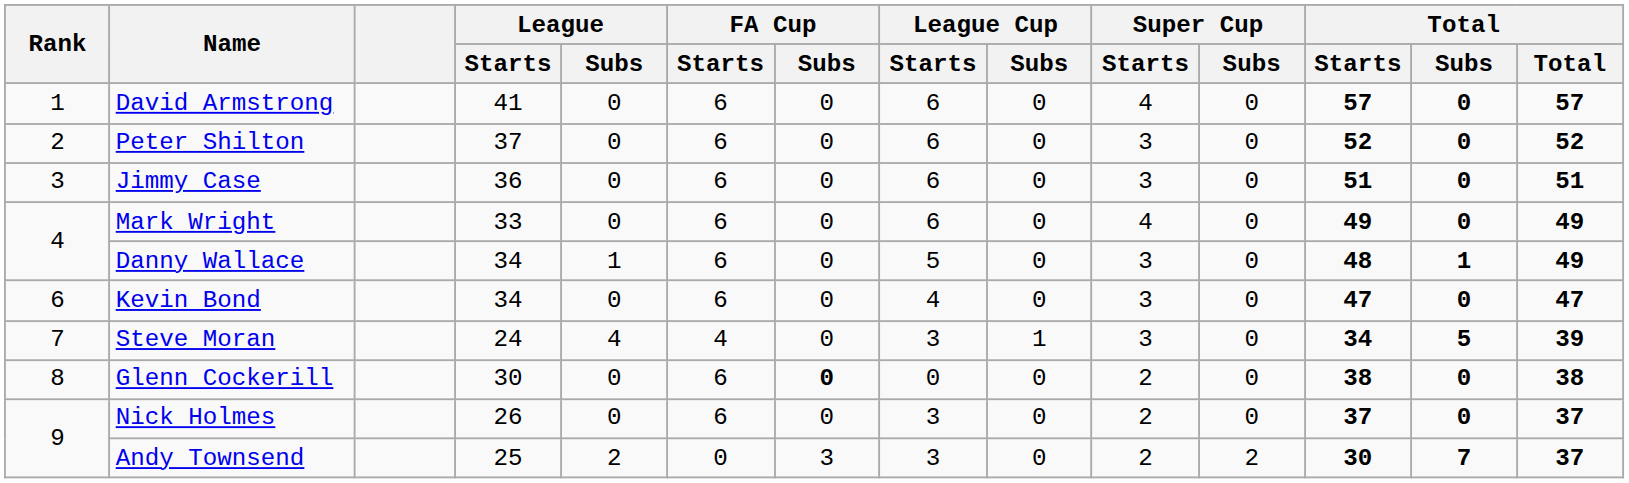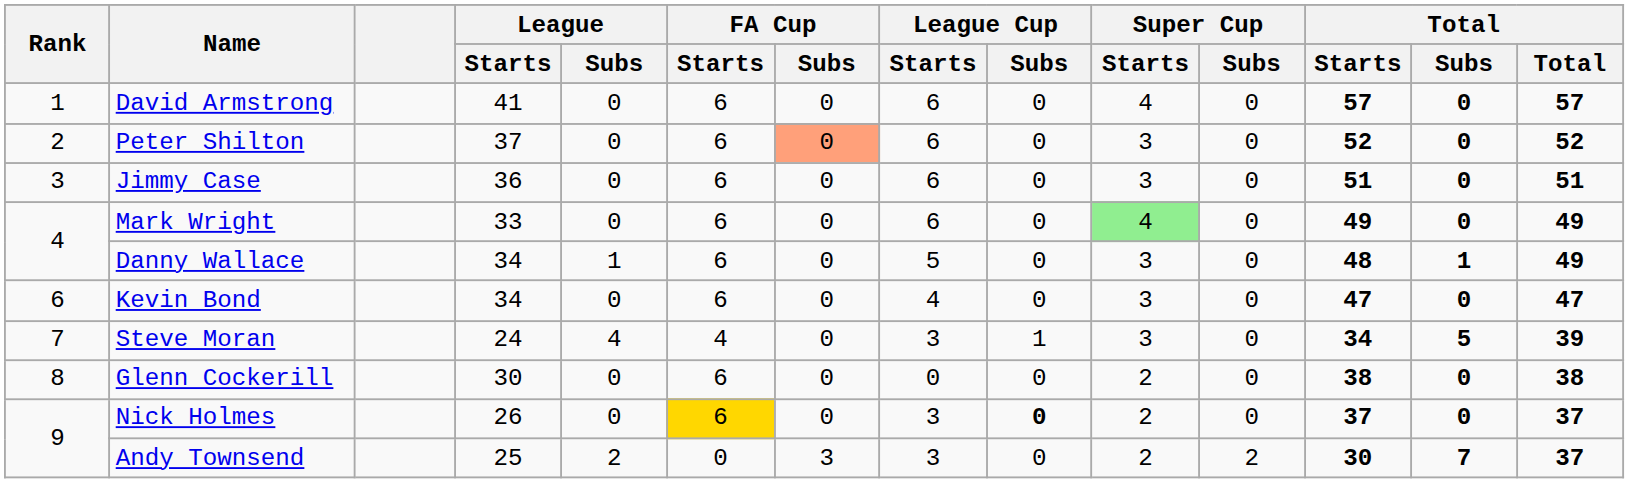 <table class="wikitable plainrowheaders" style="text-align:center;">
 <tr>
 <th scope="col" rowspan="2" style="width:4em;">Rank</th>
 <th scope="col" rowspan="2" style="width:10em;">Name</th>
 <th scope="col" rowspan="2" style="width:4em;"></th>
 <th scope="col" colspan="2">League</th>
 <th scope="col" colspan="2">FA Cup</th>
 <th scope="col" colspan="2">League Cup</th>
 <th scope="col" colspan="2">Super Cup</th>
 <th scope="col" colspan="3">Total</th>
 </tr>
 <tr>
 <th scope="col" style="width:4em;">Starts</th>
 <th scope="col" style="width:4em;">Subs</th>
 <th scope="col" style="width:4em;">Starts</th>
 <th scope="col" style="width:4em;">Subs</th>
 <th scope="col" style="width:4em;">Starts</th>
 <th scope="col" style="width:4em;">Subs</th>
 <th scope="col" style="width:4em;">Starts</th>
 <th scope="col" style="width:4em;">Subs</th>
 <th scope="col" style="width:4em;">Starts</th>
 <th scope="col" style="width:4em;">Subs</th>
 <th scope="col" style="width:4em;">Total</th>
 </tr>
 <tr>
 <td>1</td>
 <td align="left"><a href='#'>David Armstrong</a></td>
 <td></td>
 <td>41</td>
 <td>0</td>
 <td>6</td>
 <td>0</td>
 <td>6</td>
 <td>0</td>
 <td>4</td>
 <td>0</td>
 <td><strong>57</strong></td>
 <td><strong>0</strong></td>
 <td><strong>57</strong></td>
 </tr>
 <tr>
 <td>2</td>
 <td align="left"><a href='#'>Peter Shilton</a></td>
 <td></td>
 <td>37</td>
 <td>0</td>
 <td>6</td>
-<td>0</td>
+<td style="background: lightsalmon;">0</td>
 <td>6</td>
 <td>0</td>
 <td>3</td>
 <td>0</td>
 <td><strong>52</strong></td>
 <td><strong>0</strong></td>
 <td><strong>52</strong></td>
 </tr>
 <tr>
 <td>3</td>
 <td align="left"><a href='#'>Jimmy Case</a></td>
 <td></td>
 <td>36</td>
 <td>0</td>
 <td>6</td>
 <td>0</td>
 <td>6</td>
 <td>0</td>
 <td>3</td>
 <td>0</td>
 <td><strong>51</strong></td>
 <td><strong>0</strong></td>
 <td><strong>51</strong></td>
 </tr>
 <tr>
 <td rowspan="2">4</td>
 <td align="left"><a href='#'>Mark Wright</a></td>
 <td></td>
 <td>33</td>
 <td>0</td>
 <td>6</td>
 <td>0</td>
 <td>6</td>
 <td>0</td>
-<td>4</td>
+<td style="background: lightgreen;">4</td>
 <td>0</td>
 <td><strong>49</strong></td>
 <td><strong>0</strong></td>
 <td><strong>49</strong></td>
 </tr>
 <tr>
 <td align="left"><a href='#'>Danny Wallace</a></td>
 <td></td>
 <td>34</td>
 <td>1</td>
 <td>6</td>
 <td>0</td>
 <td>5</td>
 <td>0</td>
 <td>3</td>
 <td>0</td>
 <td><strong>48</strong></td>
 <td><strong>1</strong></td>
 <td><strong>49</strong></td>
 </tr>
 <tr>
 <td>6</td>
 <td align="left"><a href='#'>Kevin Bond</a></td>
 <td></td>
 <td>34</td>
 <td>0</td>
 <td>6</td>
 <td>0</td>
 <td>4</td>
 <td>0</td>
 <td>3</td>
 <td>0</td>
 <td><strong>47</strong></td>
 <td><strong>0</strong></td>
 <td><strong>47</strong></td>
 </tr>
 <tr>
 <td>7</td>
 <td align="left"><a href='#'>Steve Moran</a></td>
 <td></td>
 <td>24</td>
 <td>4</td>
 <td>4</td>
 <td>0</td>
 <td>3</td>
 <td>1</td>
 <td>3</td>
 <td>0</td>
 <td><strong>34</strong></td>
 <td><strong>5</strong></td>
 <td><strong>39</strong></td>
 </tr>
 <tr>
 <td>8</td>
 <td align="left"><a href='#'>Glenn Cockerill</a></td>
 <td></td>
 <td>30</td>
 <td>0</td>
 <td>6</td>
-<td><strong>0</strong></td>
+<td>0</td>
 <td>0</td>
 <td>0</td>
 <td>2</td>
 <td>0</td>
 <td><strong>38</strong></td>
 <td><strong>0</strong></td>
 <td><strong>38</strong></td>
 </tr>
 <tr>
 <td rowspan="2">9</td>
 <td align="left"><a href='#'>Nick Holmes</a></td>
 <td></td>
 <td>26</td>
 <td>0</td>
-<td>6</td>
+<td style="background: gold;">6</td>
 <td>0</td>
 <td>3</td>
-<td>0</td>
+<td><strong>0</strong></td>
 <td>2</td>
 <td>0</td>
 <td><strong>37</strong></td>
 <td><strong>0</strong></td>
 <td><strong>37</strong></td>
 </tr>
 <tr>
 <td align="left"><a href='#'>Andy Townsend</a></td>
 <td></td>
 <td>25</td>
 <td>2</td>
 <td>0</td>
 <td>3</td>
 <td>3</td>
 <td>0</td>
 <td>2</td>
 <td>2</td>
 <td><strong>30</strong></td>
 <td><strong>7</strong></td>
 <td><strong>37</strong></td>
 </tr>
 </table>
